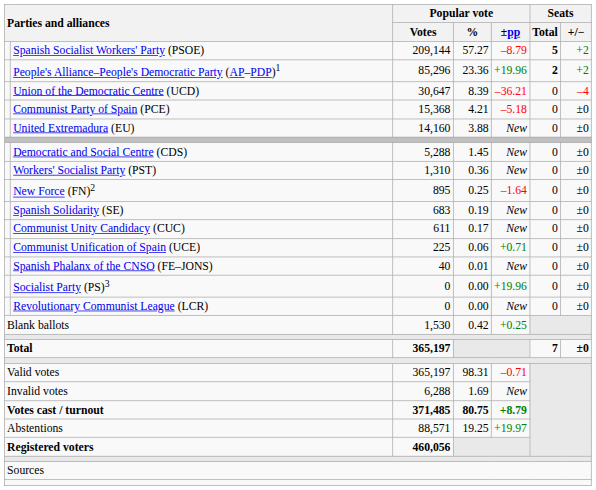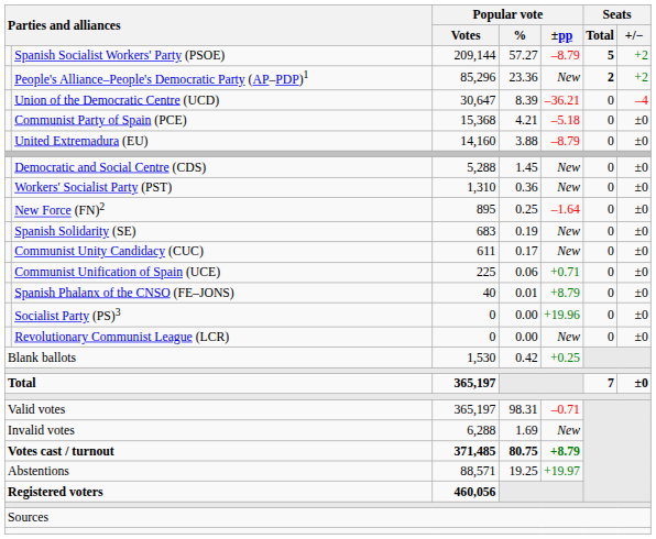 <table class="wikitable" style="text-align:right;">
 <tr>
 <th style="text-align:left;" rowspan="2" colspan="2" width="525">Parties and alliances</th>
 <th colspan="3">Popular vote</th>
 <th colspan="2">Seats</th>
 </tr>
 <tr>
 <th width="75">Votes</th>
 <th width="45">%</th>
 <th width="45">±<a href='#'>pp</a></th>
 <th width="35">Total</th>
 <th width="35">+/−</th>
 </tr>
 <tr>
 <td width="1" style="color:inherit;background:"></td>
 <td align="left"><a href='#'>Spanish Socialist Workers' Party</a> (PSOE)</td>
 <td>209,144</td>
 <td>57.27</td>
 <td style="color:red;">–8.79</td>
 <td><strong>5</strong></td>
 <td style="color:green;">+2</td>
 </tr>
 <tr>
 <td style="color:inherit;background:"></td>
 <td align="left"><a href='#'>People's Alliance–People's Democratic Party</a> (<a href='#'>AP</a>–<a href='#'>PDP</a>)<sup>1</sup></td>
 <td>85,296</td>
 <td>23.36</td>
-<td style="color:green;">+19.96</td>
+<td><em>New</em></td>
 <td><strong>2</strong></td>
 <td style="color:green;">+2</td>
 </tr>
 <tr>
 <td style="color:inherit;background:"></td>
 <td align="left"><a href='#'>Union of the Democratic Centre</a> (UCD)</td>
 <td>30,647</td>
 <td>8.39</td>
 <td style="color:red;">–36.21</td>
 <td>0</td>
 <td style="color:red;">–4</td>
 </tr>
 <tr>
 <td style="color:inherit;background:"></td>
 <td align="left"><a href='#'>Communist Party of Spain</a> (PCE)</td>
 <td>15,368</td>
 <td>4.21</td>
 <td style="color:red;">–5.18</td>
 <td>0</td>
 <td>±0</td>
 </tr>
 <tr>
 <td style="color:inherit;background:"></td>
 <td align="left"><a href='#'>United Extremadura</a> (EU)</td>
 <td>14,160</td>
 <td>3.88</td>
-<td><em>New</em></td>
+<td style="color:red;">–8.79</td>
 <td>0</td>
 <td>±0</td>
 </tr>
 <tr>
 <td colspan="7" bgcolor="#C0C0C0"></td>
 </tr>
 <tr>
 <td style="color:inherit;background:"></td>
 <td align="left"><a href='#'>Democratic and Social Centre</a> (CDS)</td>
 <td>5,288</td>
 <td>1.45</td>
 <td><em>New</em></td>
 <td>0</td>
 <td>±0</td>
 </tr>
 <tr>
 <td style="color:inherit;background:"></td>
 <td align="left"><a href='#'>Workers' Socialist Party</a> (PST)</td>
 <td>1,310</td>
 <td>0.36</td>
 <td><em>New</em></td>
 <td>0</td>
 <td>±0</td>
 </tr>
 <tr>
 <td style="color:inherit;background:"></td>
 <td align="left"><a href='#'>New Force</a> (FN)<sup>2</sup></td>
 <td>895</td>
 <td>0.25</td>
 <td style="color:red;">–1.64</td>
 <td>0</td>
 <td>±0</td>
 </tr>
 <tr>
 <td style="color:inherit;background:"></td>
 <td align="left"><a href='#'>Spanish Solidarity</a> (SE)</td>
 <td>683</td>
 <td>0.19</td>
 <td><em>New</em></td>
 <td>0</td>
 <td>±0</td>
 </tr>
 <tr>
 <td style="color:inherit;background:"></td>
 <td align="left"><a href='#'>Communist Unity Candidacy</a> (CUC)</td>
 <td>611</td>
 <td>0.17</td>
 <td><em>New</em></td>
 <td>0</td>
 <td>±0</td>
 </tr>
 <tr>
 <td style="color:inherit;background:"></td>
 <td align="left"><a href='#'>Communist Unification of Spain</a> (UCE)</td>
 <td>225</td>
 <td>0.06</td>
 <td style="color:green;">+0.71</td>
 <td>0</td>
 <td>±0</td>
 </tr>
 <tr>
 <td style="color:inherit;background:"></td>
 <td align="left"><a href='#'>Spanish Phalanx of the CNSO</a> (FE–JONS)</td>
 <td>40</td>
 <td>0.01</td>
-<td><em>New</em></td>
+<td style="color:green;">+8.79</td>
 <td>0</td>
 <td>±0</td>
 </tr>
 <tr>
 <td style="color:inherit;background:"></td>
 <td align="left"><a href='#'>Socialist Party</a> (PS)<sup>3</sup></td>
 <td>0</td>
 <td>0.00</td>
 <td style="color:green;">+19.96</td>
 <td>0</td>
 <td>±0</td>
 </tr>
 <tr>
 <td style="color:inherit;background:"></td>
 <td align="left"><a href='#'>Revolutionary Communist League</a> (LCR)</td>
 <td>0</td>
 <td>0.00</td>
 <td><em>New</em></td>
 <td>0</td>
 <td>±0</td>
 </tr>
 <tr>
 <td align="left" colspan="2">Blank ballots</td>
 <td>1,530</td>
 <td>0.42</td>
 <td style="color:green;">+0.25</td>
 <td bgcolor="#E9E9E9" colspan="2"></td>
 </tr>
 <tr>
 <td colspan="7" bgcolor="#E9E9E9"></td>
 </tr>
 <tr style="font-weight:bold;">
 <td align="left" colspan="2">Total</td>
 <td>365,197</td>
 <td bgcolor="#E9E9E9" colspan="2"></td>
 <td>7</td>
 <td>±0</td>
 </tr>
 <tr>
 <td colspan="7" bgcolor="#E9E9E9"></td>
 </tr>
 <tr>
 <td align="left" colspan="2">Valid votes</td>
 <td>365,197</td>
 <td>98.31</td>
 <td style="color:red;">–0.71</td>
 <td bgcolor="#E9E9E9" colspan="2" rowspan="5"></td>
 </tr>
 <tr>
 <td align="left" colspan="2">Invalid votes</td>
 <td>6,288</td>
 <td>1.69</td>
 <td><em>New</em></td>
 </tr>
 <tr style="font-weight:bold;">
 <td align="left" colspan="2">Votes cast / turnout</td>
 <td>371,485</td>
 <td>80.75</td>
 <td style="color:green;">+8.79</td>
 </tr>
 <tr>
 <td align="left" colspan="2">Abstentions</td>
 <td>88,571</td>
 <td>19.25</td>
 <td style="color:green;">+19.97</td>
 </tr>
 <tr style="font-weight:bold;">
 <td align="left" colspan="2">Registered voters</td>
 <td>460,056</td>
 <td bgcolor="#E9E9E9" colspan="2"></td>
 </tr>
 <tr>
 <td colspan="7" bgcolor="#E9E9E9"></td>
 </tr>
 <tr>
 <td align="left" colspan="7">Sources</td>
 </tr>
 <tr>
 <td colspan="7" style="text-align:left; max-width:790px;"></td>
 </tr>
 </table>
